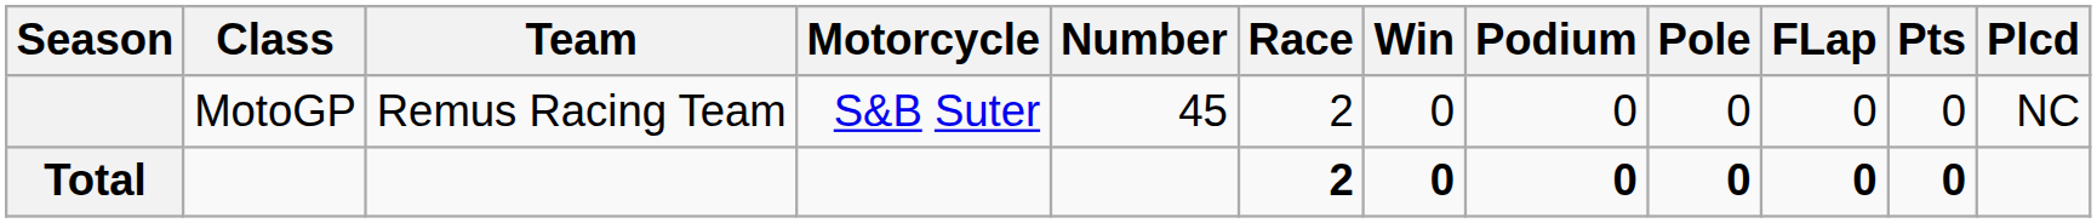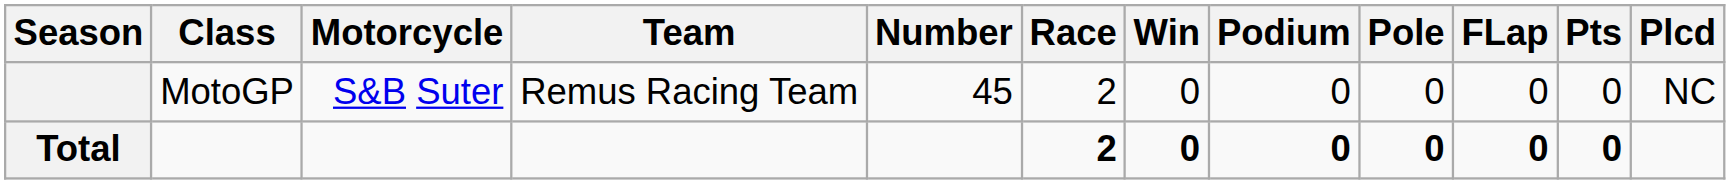 <table class="wikitable" style=text-align:right>
 <tr>
 <th>Season</th>
 <th>Class</th>
+<th>Motorcycle</th>
 <th>Team</th>
-<th>Motorcycle</th>
 <th>Number</th>
 <th>Race</th>
 <th>Win</th>
 <th>Podium</th>
 <th>Pole</th>
 <th>FLap</th>
 <th>Pts</th>
 <th>Plcd</th>
 </tr>
 <tr>
 <th></th>
 <td>MotoGP</td>
+<td><a href='#'>S&B</a> <a href='#'>Suter</a></td>
 <td>Remus Racing Team</td>
-<td><a href='#'>S&B</a> <a href='#'>Suter</a></td>
 <td>45</td>
 <td>2</td>
 <td>0</td>
 <td>0</td>
 <td>0</td>
 <td>0</td>
 <td>0</td>
 <td>NC</td>
 </tr>
 <tr>
 <th>Total</th>
 <td></td>
 <td></td>
 <td></td>
 <td></td>
 <td><strong>2</strong></td>
 <td><strong>0</strong></td>
 <td><strong>0</strong></td>
 <td><strong>0</strong></td>
 <td><strong>0</strong></td>
 <td><strong>0</strong></td>
 <td></td>
 </tr>
 </table>
